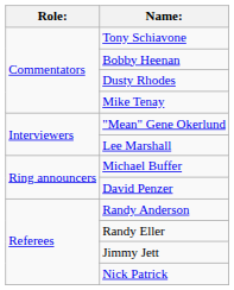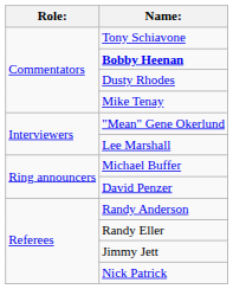 <table class=wikitable style="font-size:90%; margin: 0.5em 0 0.5em 1em; float: right; clear: right;">
 <tr>
 <th>Role:</th>
 <th>Name:</th>
 </tr>
 <tr>
 <td rowspan=4><a href='#'>Commentators</a></td>
 <td><a href='#'>Tony Schiavone</a></td>
 </tr>
 <tr>
-<td><a href='#'>Bobby Heenan</a></td>
+<td><strong><a href='#'>Bobby Heenan</a></strong></td>
 </tr>
 <tr>
 <td><a href='#'>Dusty Rhodes</a></td>
 </tr>
 <tr>
 <td><a href='#'>Mike Tenay</a></td>
 </tr>
 <tr>
 <td rowspan=2><a href='#'>Interviewers</a></td>
 <td><a href='#'>"Mean" Gene Okerlund</a></td>
 </tr>
 <tr>
 <td><a href='#'>Lee Marshall</a></td>
 </tr>
 <tr>
 <td rowspan=2><a href='#'>Ring announcers</a></td>
 <td><a href='#'>Michael Buffer</a></td>
 </tr>
 <tr>
 <td><a href='#'>David Penzer</a></td>
 </tr>
 <tr>
 <td rowspan=4><a href='#'>Referees</a></td>
 <td><a href='#'>Randy Anderson</a></td>
 </tr>
 <tr>
 <td>Randy Eller</td>
 </tr>
 <tr>
 <td>Jimmy Jett</td>
 </tr>
 <tr>
 <td><a href='#'>Nick Patrick</a></td>
 </tr>
 </table>
